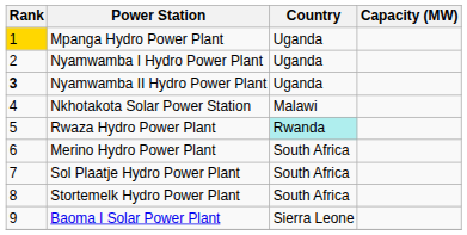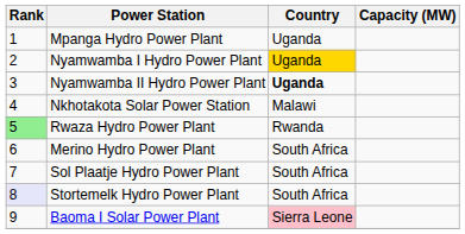 <table class="wikitable sortable" style="margin: 0.5em auto">
 <tr>
 <th>Rank</th>
 <th>Power Station</th>
 <th>Country</th>
 <th>Capacity (MW)</th>
 </tr>
 <tr>
-<td style="background: gold;">1</td>
+<td>1</td>
 <td>Mpanga Hydro Power Plant</td>
 <td>Uganda</td>
 <td></td>
 </tr>
 <tr>
 <td>2</td>
 <td>Nyamwamba I Hydro Power Plant</td>
-<td>Uganda</td>
+<td style="background: gold;">Uganda</td>
 <td></td>
 </tr>
 <tr>
-<td><strong>3</strong></td>
+<td>3</td>
 <td>Nyamwamba II Hydro Power Plant</td>
-<td>Uganda</td>
+<td><strong>Uganda</strong></td>
 <td></td>
 </tr>
 <tr>
 <td>4</td>
 <td>Nkhotakota Solar Power Station</td>
 <td>Malawi</td>
 <td></td>
 </tr>
 <tr>
-<td>5</td>
+<td style="background: lightgreen;">5</td>
 <td>Rwaza Hydro Power Plant</td>
-<td style="background: paleturquoise;">Rwanda</td>
+<td>Rwanda</td>
 <td></td>
 </tr>
 <tr>
 <td>6</td>
 <td>Merino Hydro Power Plant</td>
 <td>South Africa</td>
 <td></td>
 </tr>
 <tr>
 <td>7</td>
 <td>Sol Plaatje Hydro Power Plant</td>
 <td>South Africa</td>
 <td></td>
 </tr>
 <tr>
-<td>8</td>
+<td style="background: lavender;">8</td>
 <td>Stortemelk Hydro Power Plant</td>
 <td>South Africa</td>
 <td></td>
 </tr>
 <tr>
 <td>9</td>
 <td><a href='#'>Baoma I Solar Power Plant</a></td>
-<td>Sierra Leone</td>
+<td style="background: pink;">Sierra Leone</td>
 <td></td>
 </tr>
 <tr>
 </tr>
 </table>
